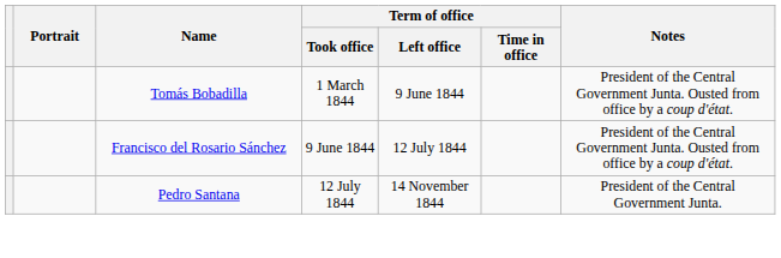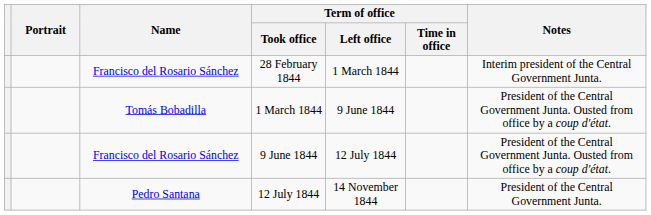 <table class="wikitable" style="text-align:center">
 <tr>
 <th rowspan="2" width="1%"></th>
 <th rowspan="2" width="10%">Portrait</th>
 <th rowspan="2" width="25%">Name<br></th>
 <th colspan="3" width="31.4%">Term of office</th>
 <th rowspan="2" width="26%">Notes</th>
 </tr>
 <tr>
 <th>Took office</th>
 <th>Left office</th>
 <th>Time in office</th>
+</tr>
+<tr>
+<th style="background:"></th>
+<td></td>
+<td><a href='#'>Francisco del Rosario Sánchez</a><br></td>
+<td>28 February 1844</td>
+<td>1 March 1844</td>
+<td></td>
+<td>Interim president of the Central Government Junta.</td>
 </tr>
 <tr>
 <th style="background:"></th>
 <td></td>
 <td><a href='#'>Tomás Bobadilla</a><br></td>
 <td>1 March 1844</td>
 <td>9 June 1844</td>
 <td></td>
 <td>President of the Central Government Junta. Ousted from office by a <em>coup d'état</em>.</td>
 </tr>
 <tr>
 <th style="background:"></th>
 <td></td>
 <td><a href='#'>Francisco del Rosario Sánchez</a><br></td>
 <td>9 June 1844</td>
 <td>12 July 1844</td>
 <td></td>
 <td>President of the Central Government Junta. Ousted from office by a <em>coup d'état</em>.</td>
 </tr>
 <tr>
 <th style="background:"></th>
 <td></td>
 <td><a href='#'>Pedro Santana</a><br></td>
 <td>12 July 1844</td>
 <td>14 November 1844</td>
 <td></td>
 <td>President of the Central Government Junta.</td>
 </tr>
 </table>
